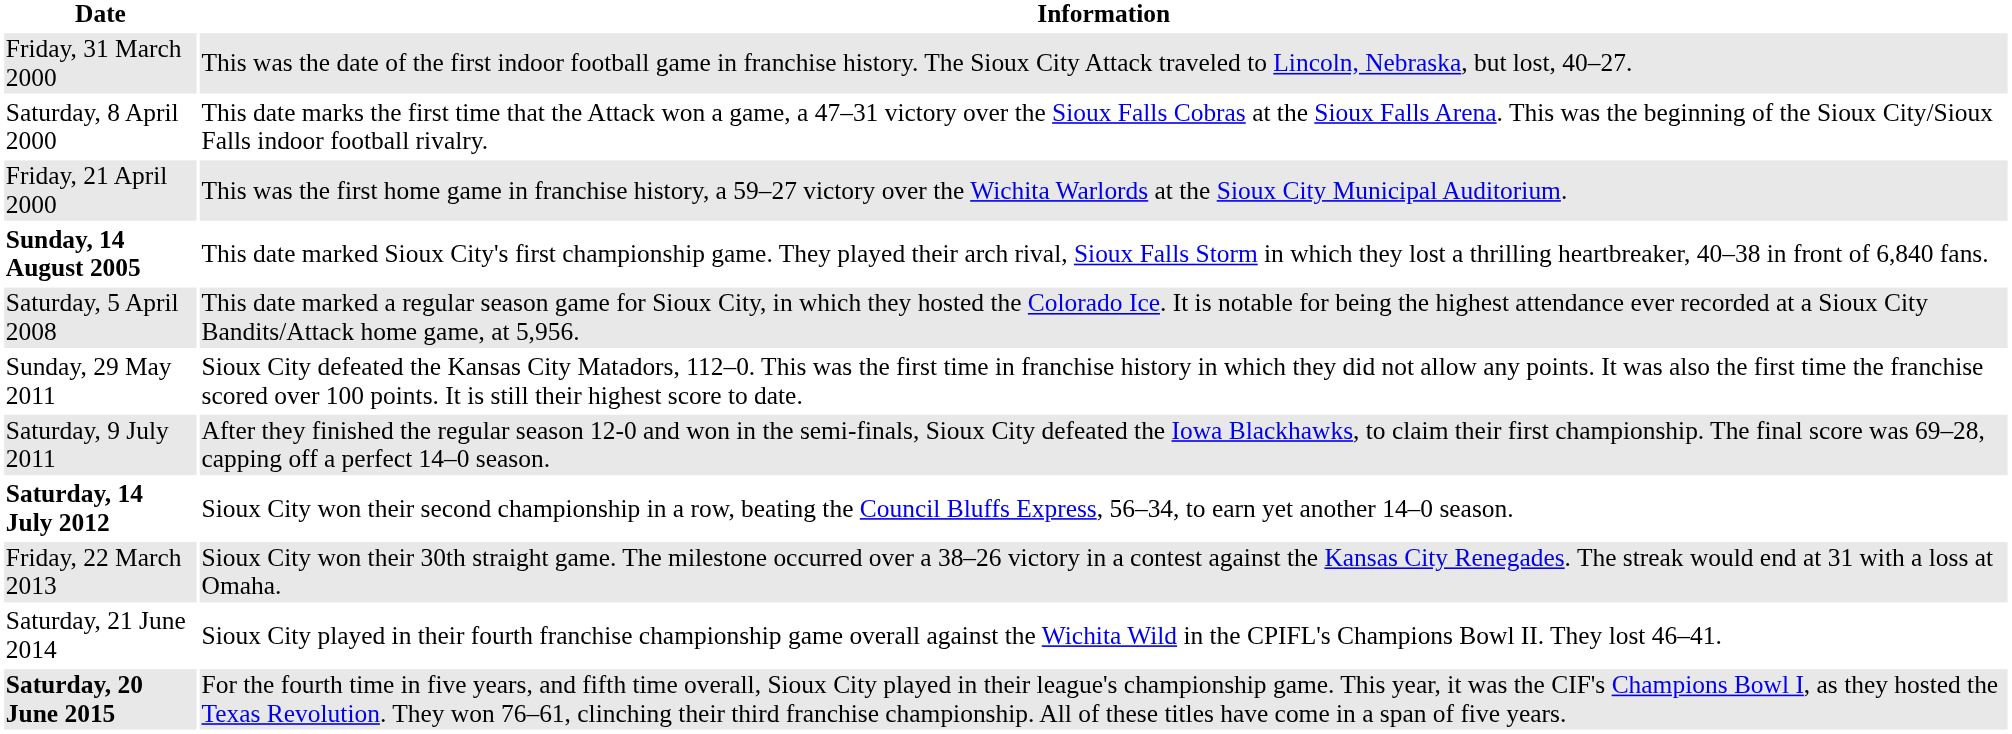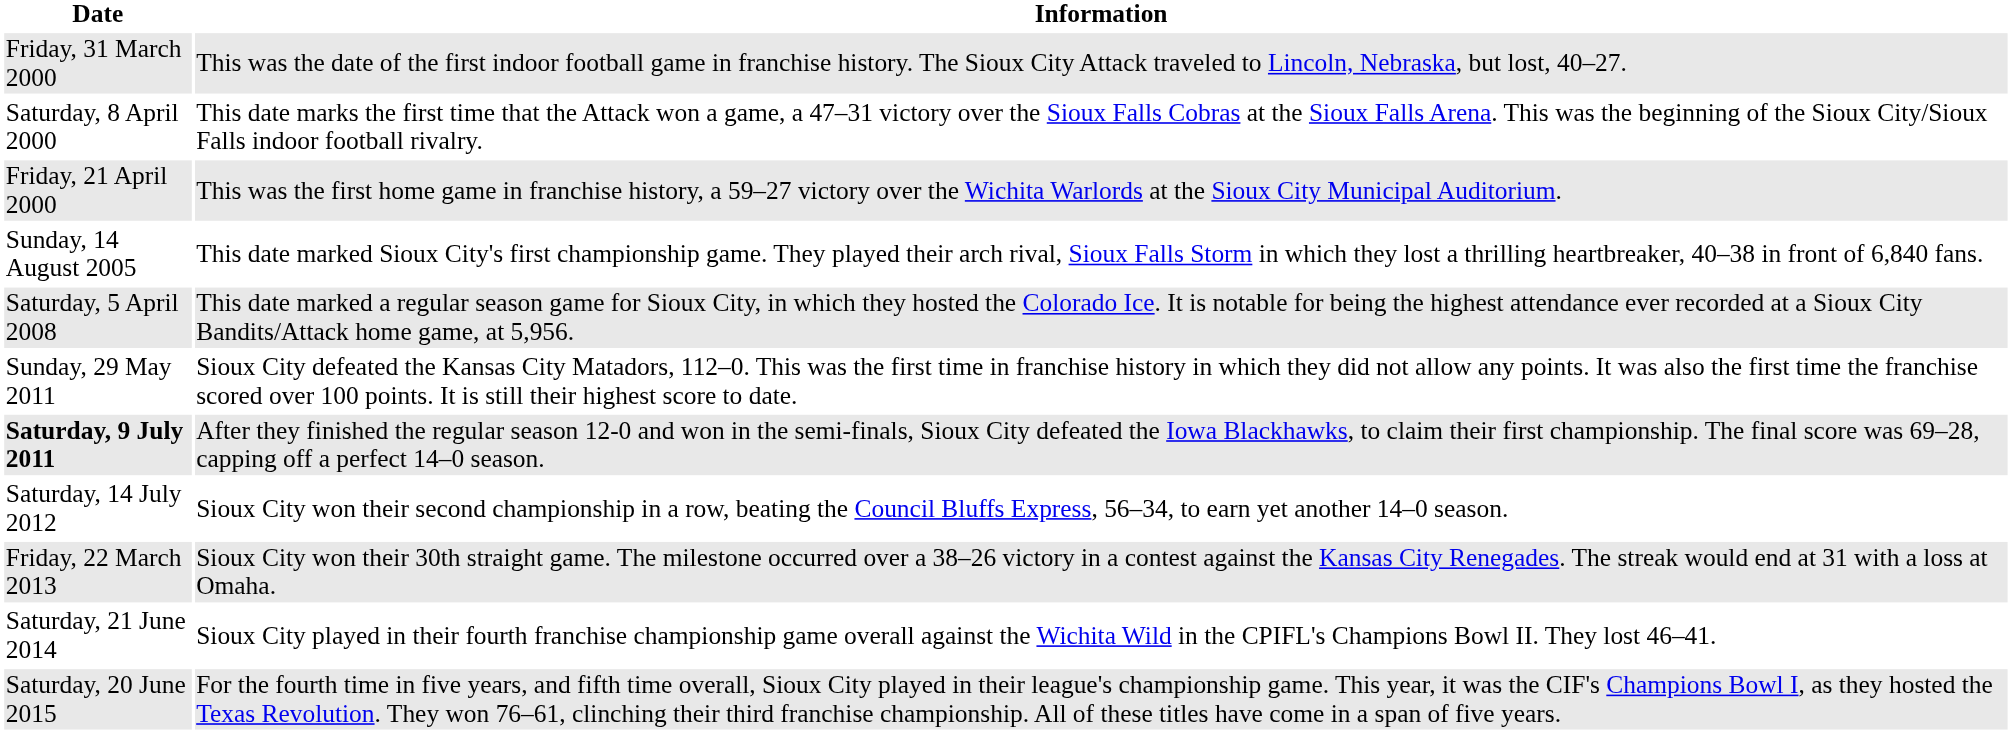 <table class="wikipedia">
 <tr>
 <th>Date</th>
 <th>Information</th>
 </tr>
 <tr style="background:#e8e8e8">
 <td>Friday, 31 March 2000</td>
 <td>This was the date of the first indoor football game in franchise history. The Sioux City Attack traveled to <a href='#'>Lincoln, Nebraska</a>, but lost, 40–27.</td>
 </tr>
 <tr>
 <td>Saturday, 8 April 2000</td>
 <td>This date marks the first time that the Attack won a game, a 47–31 victory over the <a href='#'>Sioux Falls Cobras</a> at the <a href='#'>Sioux Falls Arena</a>. This was the beginning of the Sioux City/Sioux Falls indoor football rivalry.</td>
 </tr>
 <tr style="background:#e8e8e8">
 <td>Friday, 21 April 2000</td>
 <td>This was the first home game in franchise history, a 59–27 victory over the <a href='#'>Wichita Warlords</a> at the <a href='#'>Sioux City Municipal Auditorium</a>.</td>
 </tr>
 <tr>
-<td><strong>Sunday, 14 August 2005</strong></td>
+<td>Sunday, 14 August 2005</td>
 <td>This date marked Sioux City's first championship game. They played their arch rival, <a href='#'>Sioux Falls Storm</a> in which they lost a thrilling heartbreaker, 40–38 in front of 6,840 fans.</td>
 </tr>
 <tr style="background:#e8e8e8">
 <td>Saturday, 5 April 2008</td>
 <td>This date marked a regular season game for Sioux City, in which they hosted the <a href='#'>Colorado Ice</a>. It is notable for being the highest attendance ever recorded at a Sioux City Bandits/Attack home game, at 5,956.</td>
 </tr>
 <tr>
 <td>Sunday, 29 May 2011</td>
 <td>Sioux City defeated the Kansas City Matadors, 112–0. This was the first time in franchise history in which they did not allow any points. It was also the first time the franchise scored over 100 points. It is still their highest score to date.</td>
 </tr>
 <tr style="background:#e8e8e8">
-<td>Saturday, 9 July 2011</td>
+<td><strong>Saturday, 9 July 2011</strong></td>
 <td>After they finished the regular season 12-0 and won in the semi-finals, Sioux City defeated the <a href='#'>Iowa Blackhawks</a>, to claim their first championship. The final score was 69–28, capping off a perfect 14–0 season.</td>
 </tr>
 <tr>
-<td><strong>Saturday, 14 July 2012</strong></td>
+<td>Saturday, 14 July 2012</td>
 <td>Sioux City won their second championship in a row, beating the <a href='#'>Council Bluffs Express</a>, 56–34, to earn yet another 14–0 season.</td>
 </tr>
 <tr style="background:#e8e8e8">
 <td>Friday, 22 March 2013</td>
 <td>Sioux City won their 30th straight game. The milestone occurred over a 38–26 victory in a contest against the <a href='#'>Kansas City Renegades</a>. The streak would end at 31 with a loss at Omaha.</td>
 </tr>
 <tr>
 <td>Saturday, 21 June 2014</td>
 <td>Sioux City played in their fourth franchise championship game overall against the <a href='#'>Wichita Wild</a> in the CPIFL's Champions Bowl II. They lost 46–41.</td>
 </tr>
 <tr style="background:#e8e8e8">
-<td><strong>Saturday, 20 June 2015</strong></td>
+<td>Saturday, 20 June 2015</td>
 <td>For the fourth time in five years, and fifth time overall, Sioux City played in their league's championship game. This year, it was the CIF's <a href='#'>Champions Bowl I</a>, as they hosted the <a href='#'>Texas Revolution</a>. They won 76–61, clinching their third franchise championship. All of these titles have come in a span of five years.</td>
 </tr>
 <tr>
 </tr>
 </table>
